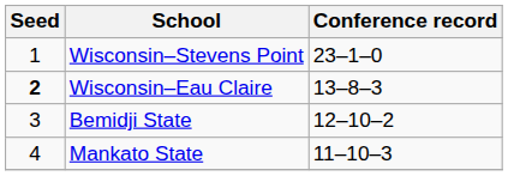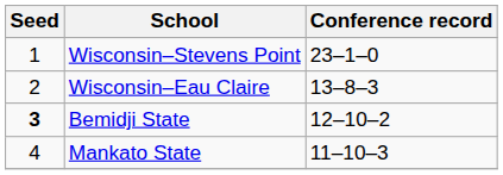 <table class="wikitable">
 <tr>
 <th>Seed</th>
 <th>School</th>
 <th>Conference record</th>
 </tr>
 <tr>
 <td align=center>1</td>
 <td><a href='#'>Wisconsin–Stevens Point</a></td>
 <td>23–1–0</td>
 </tr>
 <tr>
-<td align=center><strong>2</strong></td>
+<td align=center>2</td>
 <td><a href='#'>Wisconsin–Eau Claire</a></td>
 <td>13–8–3</td>
 </tr>
 <tr>
-<td align=center>3</td>
+<td align=center><strong>3</strong></td>
 <td><a href='#'>Bemidji State</a></td>
 <td>12–10–2</td>
 </tr>
 <tr>
 <td align=center>4</td>
 <td><a href='#'>Mankato State</a></td>
 <td>11–10–3</td>
 </tr>
 <tr>
 </tr>
 </table>
